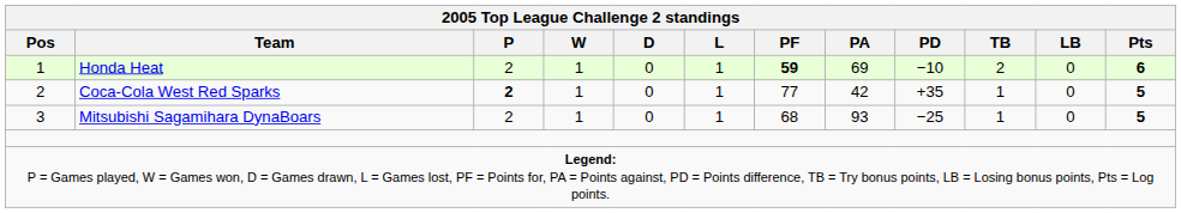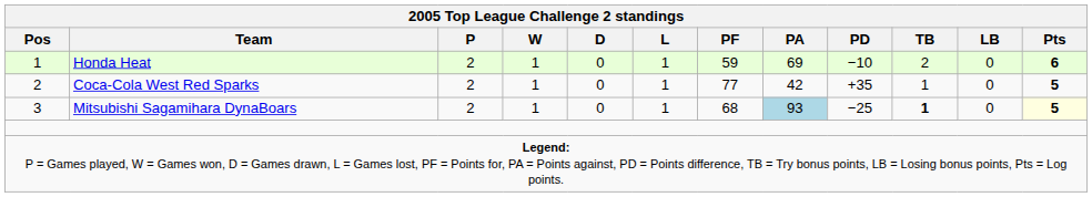 <table class="wikitable" style="text-align:center; font-size:100%; width:60%;">
 <tr>
 <th colspan="100%" cellpadding="0" cellspacing="0"><strong>2005 Top League Challenge 2 standings</strong></th>
 </tr>
 <tr>
 <th style="width:6%;">Pos</th>
 <th style="width:34%;">Team</th>
 <th style="width:6%;">P</th>
 <th style="width:6%;">W</th>
 <th style="width:6%;">D</th>
 <th style="width:6%;">L</th>
 <th style="width:6%;">PF</th>
 <th style="width:6%;">PA</th>
 <th style="width:6%;">PD</th>
 <th style="width:6%;">TB</th>
 <th style="width:6%;">LB</th>
 <th style="width:6%;">Pts<br></th>
 </tr>
 <tr style="background:#E8FFD8;">
 <td>1</td>
 <td style="text-align:left;"><a href='#'>Honda Heat</a></td>
 <td>2</td>
 <td>1</td>
 <td>0</td>
 <td>1</td>
-<td><strong>59</strong></td>
+<td>59</td>
 <td>69</td>
 <td>−10</td>
 <td>2</td>
 <td>0</td>
 <td><strong>6</strong></td>
 </tr>
 <tr>
 <td>2</td>
 <td style="text-align:left;"><a href='#'>Coca-Cola West Red Sparks</a></td>
-<td><strong>2</strong></td>
+<td>2</td>
 <td>1</td>
 <td>0</td>
 <td>1</td>
 <td>77</td>
 <td>42</td>
 <td>+35</td>
 <td>1</td>
 <td>0</td>
 <td><strong>5</strong></td>
 </tr>
 <tr>
 <td>3</td>
 <td style="text-align:left;"><a href='#'>Mitsubishi Sagamihara DynaBoars</a></td>
 <td>2</td>
 <td>1</td>
 <td>0</td>
 <td>1</td>
 <td>68</td>
-<td>93</td>
+<td style="background: lightblue;">93</td>
 <td>−25</td>
-<td>1</td>
+<td><strong>1</strong></td>
 <td>0</td>
-<td><strong>5</strong></td>
+<td style="background: lightyellow;"><strong>5</strong></td>
 </tr>
 <tr>
 <td colspan="100%" style="height:10px;"></td>
 </tr>
 <tr>
 <td colspan="100%"><small><strong>Legend:</strong> <br> P = Games played, W = Games won, D = Games drawn, L = Games lost, PF = Points for, PA = Points against, PD = Points difference, TB = Try bonus points, LB = Losing bonus points, Pts = Log points.</small></td>
 </tr>
 </table>
